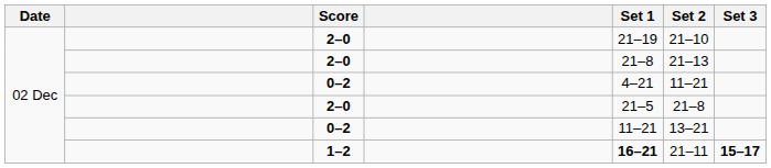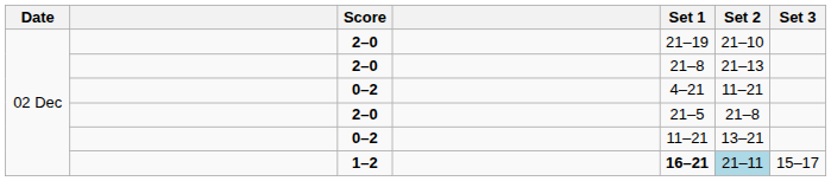 <table class="wikitable" style="text-align: center;">
 <tr>
 <th width="60">Date</th>
 <th align="right" width="270"></th>
 <th width="50">Score</th>
 <th align="left" width="270"></th>
 <th width="50">Set 1</th>
 <th width="50">Set 2</th>
 <th width="50">Set 3</th>
 </tr>
 <tr>
 <td rowspan=6>02 Dec</td>
 <td align=left><strong></strong></td>
 <td align=center><strong>2–0</strong></td>
 <td align=left></td>
 <td>21–19</td>
 <td>21–10</td>
 <td></td>
 </tr>
 <tr>
 <td align=left><strong></strong></td>
 <td align=center><strong>2–0</strong></td>
 <td align=left></td>
 <td>21–8</td>
 <td>21–13</td>
 <td></td>
 </tr>
 <tr>
 <td align=left></td>
 <td align=center><strong>0–2</strong></td>
 <td align=left><strong></strong></td>
 <td>4–21</td>
 <td>11–21</td>
 <td></td>
 </tr>
 <tr>
 <td align=left><strong></strong></td>
 <td align=center><strong>2–0</strong></td>
 <td align=left></td>
 <td>21–5</td>
 <td>21–8</td>
 <td></td>
 </tr>
 <tr>
 <td align=left></td>
 <td align=center><strong>0–2</strong></td>
 <td align=left><strong></strong></td>
 <td>11–21</td>
 <td>13–21</td>
 <td></td>
 </tr>
 <tr>
 <td align=left></td>
 <td align=center><strong>1–2</strong></td>
 <td align=left><strong></strong></td>
 <td><strong>16–21</strong></td>
-<td>21–11</td>
-<td><strong>15–17</strong></td>
+<td style="background: lightblue;">21–11</td>
+<td>15–17</td>
 </tr>
 </table>
